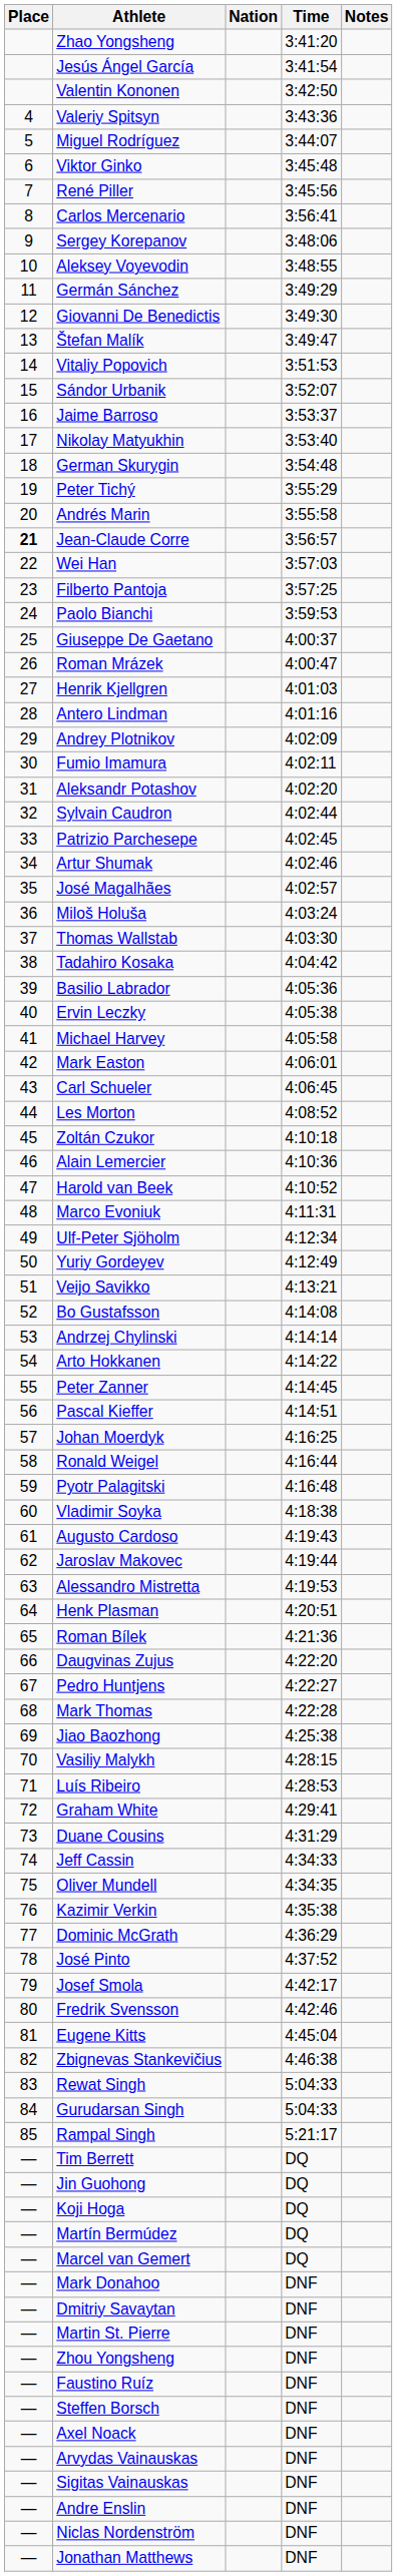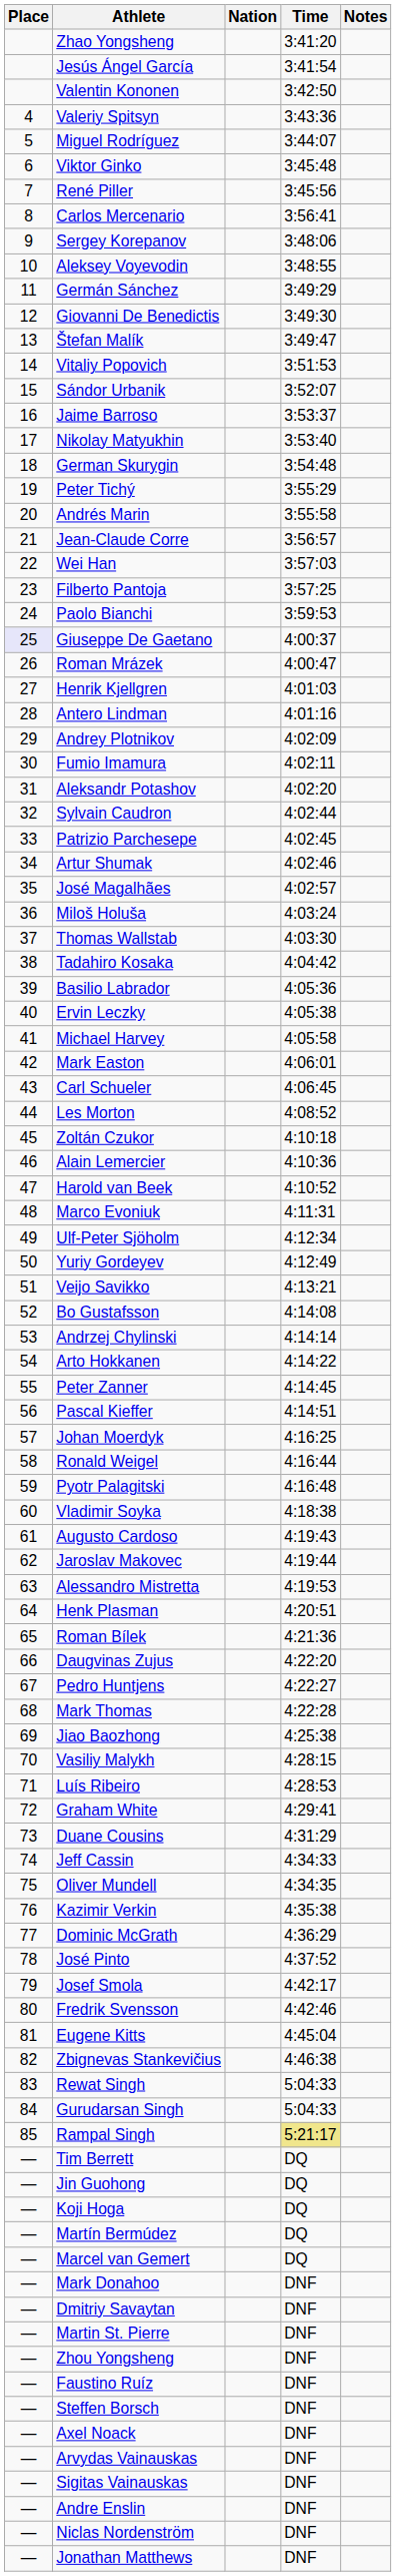 <table class=wikitable>
 <tr>
 <th>Place</th>
 <th>Athlete</th>
 <th>Nation</th>
 <th>Time</th>
 <th>Notes</th>
 </tr>
 <tr>
 <td align=center></td>
 <td><a href='#'>Zhao Yongsheng</a></td>
 <td></td>
 <td>3:41:20</td>
 <td> </td>
 </tr>
 <tr>
 <td align=center></td>
 <td><a href='#'>Jesús Ángel García</a></td>
 <td></td>
 <td>3:41:54</td>
 <td> </td>
 </tr>
 <tr>
 <td align=center></td>
 <td><a href='#'>Valentin Kononen</a></td>
 <td></td>
 <td>3:42:50</td>
 <td> </td>
 </tr>
 <tr>
 <td align=center>4</td>
 <td><a href='#'>Valeriy Spitsyn</a></td>
 <td></td>
 <td>3:43:36</td>
 <td> </td>
 </tr>
 <tr>
 <td align=center>5</td>
 <td><a href='#'>Miguel Rodríguez</a></td>
 <td></td>
 <td>3:44:07</td>
 <td> </td>
 </tr>
 <tr>
 <td align=center>6</td>
 <td><a href='#'>Viktor Ginko</a></td>
 <td></td>
 <td>3:45:48</td>
 <td> </td>
 </tr>
 <tr>
 <td align=center>7</td>
 <td><a href='#'>René Piller</a></td>
 <td></td>
 <td>3:45:56</td>
 <td> </td>
 </tr>
 <tr>
 <td align=center>8</td>
 <td><a href='#'>Carlos Mercenario</a></td>
 <td></td>
 <td>3:56:41</td>
 <td> </td>
 </tr>
 <tr>
 <td align=center>9</td>
 <td><a href='#'>Sergey Korepanov</a></td>
 <td></td>
 <td>3:48:06</td>
 <td> </td>
 </tr>
 <tr>
 <td align=center>10</td>
 <td><a href='#'>Aleksey Voyevodin</a></td>
 <td></td>
 <td>3:48:55</td>
 <td> </td>
 </tr>
 <tr>
 <td align=center>11</td>
 <td><a href='#'>Germán Sánchez</a></td>
 <td></td>
 <td>3:49:29</td>
 <td> </td>
 </tr>
 <tr>
 <td align=center>12</td>
 <td><a href='#'>Giovanni De Benedictis</a></td>
 <td></td>
 <td>3:49:30</td>
 <td> </td>
 </tr>
 <tr>
 <td align=center>13</td>
 <td><a href='#'>Štefan Malík</a></td>
 <td></td>
 <td>3:49:47</td>
 <td> </td>
 </tr>
 <tr>
 <td align=center>14</td>
 <td><a href='#'>Vitaliy Popovich</a></td>
 <td></td>
 <td>3:51:53</td>
 <td> </td>
 </tr>
 <tr>
 <td align=center>15</td>
 <td><a href='#'>Sándor Urbanik</a></td>
 <td></td>
 <td>3:52:07</td>
 <td> </td>
 </tr>
 <tr>
 <td align=center>16</td>
 <td><a href='#'>Jaime Barroso</a></td>
 <td></td>
 <td>3:53:37</td>
 <td> </td>
 </tr>
 <tr>
 <td align=center>17</td>
 <td><a href='#'>Nikolay Matyukhin</a></td>
 <td></td>
 <td>3:53:40</td>
 <td> </td>
 </tr>
 <tr>
 <td align=center>18</td>
 <td><a href='#'>German Skurygin</a></td>
 <td></td>
 <td>3:54:48</td>
 <td> </td>
 </tr>
 <tr>
 <td align=center>19</td>
 <td><a href='#'>Peter Tichý</a></td>
 <td></td>
 <td>3:55:29</td>
 <td> </td>
 </tr>
 <tr>
 <td align=center>20</td>
 <td><a href='#'>Andrés Marin</a></td>
 <td></td>
 <td>3:55:58</td>
 <td> </td>
 </tr>
 <tr>
-<td align=center><strong>21</strong></td>
+<td align=center>21</td>
 <td><a href='#'>Jean-Claude Corre</a></td>
 <td></td>
 <td>3:56:57</td>
 <td></td>
 </tr>
 <tr>
 <td align=center>22</td>
 <td><a href='#'>Wei Han</a></td>
 <td></td>
 <td>3:57:03</td>
 <td></td>
 </tr>
 <tr>
 <td align=center>23</td>
 <td><a href='#'>Filberto Pantoja</a></td>
 <td></td>
 <td>3:57:25</td>
 <td></td>
 </tr>
 <tr>
 <td align=center>24</td>
 <td><a href='#'>Paolo Bianchi</a></td>
 <td></td>
 <td>3:59:53</td>
 <td></td>
 </tr>
 <tr>
-<td align=center>25</td>
+<td align=center style="background: lavender;">25</td>
 <td><a href='#'>Giuseppe De Gaetano</a></td>
 <td></td>
 <td>4:00:37</td>
 <td></td>
 </tr>
 <tr>
 <td align=center>26</td>
 <td><a href='#'>Roman Mrázek</a></td>
 <td></td>
 <td>4:00:47</td>
 <td></td>
 </tr>
 <tr>
 <td align=center>27</td>
 <td><a href='#'>Henrik Kjellgren</a></td>
 <td></td>
 <td>4:01:03</td>
 <td></td>
 </tr>
 <tr>
 <td align=center>28</td>
 <td><a href='#'>Antero Lindman</a></td>
 <td></td>
 <td>4:01:16</td>
 <td></td>
 </tr>
 <tr>
 <td align=center>29</td>
 <td><a href='#'>Andrey Plotnikov</a></td>
 <td></td>
 <td>4:02:09</td>
 <td></td>
 </tr>
 <tr>
 <td align=center>30</td>
 <td><a href='#'>Fumio Imamura</a></td>
 <td></td>
 <td>4:02:11</td>
 <td></td>
 </tr>
 <tr>
 <td align=center>31</td>
 <td><a href='#'>Aleksandr Potashov</a></td>
 <td></td>
 <td>4:02:20</td>
 <td></td>
 </tr>
 <tr>
 <td align=center>32</td>
 <td><a href='#'>Sylvain Caudron</a></td>
 <td></td>
 <td>4:02:44</td>
 <td></td>
 </tr>
 <tr>
 <td align=center>33</td>
 <td><a href='#'>Patrizio Parchesepe</a></td>
 <td></td>
 <td>4:02:45</td>
 <td></td>
 </tr>
 <tr>
 <td align=center>34</td>
 <td><a href='#'>Artur Shumak</a></td>
 <td></td>
 <td>4:02:46</td>
 <td></td>
 </tr>
 <tr>
 <td align=center>35</td>
 <td><a href='#'>José Magalhães</a></td>
 <td></td>
 <td>4:02:57</td>
 <td></td>
 </tr>
 <tr>
 <td align=center>36</td>
 <td><a href='#'>Miloš Holuša</a></td>
 <td></td>
 <td>4:03:24</td>
 <td></td>
 </tr>
 <tr>
 <td align=center>37</td>
 <td><a href='#'>Thomas Wallstab</a></td>
 <td></td>
 <td>4:03:30</td>
 <td></td>
 </tr>
 <tr>
 <td align=center>38</td>
 <td><a href='#'>Tadahiro Kosaka</a></td>
 <td></td>
 <td>4:04:42</td>
 <td></td>
 </tr>
 <tr>
 <td align=center>39</td>
 <td><a href='#'>Basilio Labrador</a></td>
 <td></td>
 <td>4:05:36</td>
 <td></td>
 </tr>
 <tr>
 <td align=center>40</td>
 <td><a href='#'>Ervin Leczky</a></td>
 <td></td>
 <td>4:05:38</td>
 <td></td>
 </tr>
 <tr>
 <td align=center>41</td>
 <td><a href='#'>Michael Harvey</a></td>
 <td></td>
 <td>4:05:58</td>
 <td></td>
 </tr>
 <tr>
 <td align=center>42</td>
 <td><a href='#'>Mark Easton</a></td>
 <td></td>
 <td>4:06:01</td>
 <td></td>
 </tr>
 <tr>
 <td align=center>43</td>
 <td><a href='#'>Carl Schueler</a></td>
 <td></td>
 <td>4:06:45</td>
 <td></td>
 </tr>
 <tr>
 <td align=center>44</td>
 <td><a href='#'>Les Morton</a></td>
 <td></td>
 <td>4:08:52</td>
 <td></td>
 </tr>
 <tr>
 <td align=center>45</td>
 <td><a href='#'>Zoltán Czukor</a></td>
 <td></td>
 <td>4:10:18</td>
 <td></td>
 </tr>
 <tr>
 <td align=center>46</td>
 <td><a href='#'>Alain Lemercier</a></td>
 <td></td>
 <td>4:10:36</td>
 <td></td>
 </tr>
 <tr>
 <td align=center>47</td>
 <td><a href='#'>Harold van Beek</a></td>
 <td></td>
 <td>4:10:52</td>
 <td></td>
 </tr>
 <tr>
 <td align=center>48</td>
 <td><a href='#'>Marco Evoniuk</a></td>
 <td></td>
 <td>4:11:31</td>
 <td></td>
 </tr>
 <tr>
 <td align=center>49</td>
 <td><a href='#'>Ulf-Peter Sjöholm</a></td>
 <td></td>
 <td>4:12:34</td>
 <td></td>
 </tr>
 <tr>
 <td align=center>50</td>
 <td><a href='#'>Yuriy Gordeyev</a></td>
 <td></td>
 <td>4:12:49</td>
 <td></td>
 </tr>
 <tr>
 <td align=center>51</td>
 <td><a href='#'>Veijo Savikko</a></td>
 <td></td>
 <td>4:13:21</td>
 <td></td>
 </tr>
 <tr>
 <td align=center>52</td>
 <td><a href='#'>Bo Gustafsson</a></td>
 <td></td>
 <td>4:14:08</td>
 <td></td>
 </tr>
 <tr>
 <td align=center>53</td>
 <td><a href='#'>Andrzej Chylinski</a></td>
 <td></td>
 <td>4:14:14</td>
 <td></td>
 </tr>
 <tr>
 <td align=center>54</td>
 <td><a href='#'>Arto Hokkanen</a></td>
 <td></td>
 <td>4:14:22</td>
 <td></td>
 </tr>
 <tr>
 <td align=center>55</td>
 <td><a href='#'>Peter Zanner</a></td>
 <td></td>
 <td>4:14:45</td>
 <td></td>
 </tr>
 <tr>
 <td align=center>56</td>
 <td><a href='#'>Pascal Kieffer</a></td>
 <td></td>
 <td>4:14:51</td>
 <td></td>
 </tr>
 <tr>
 <td align=center>57</td>
 <td><a href='#'>Johan Moerdyk</a></td>
 <td></td>
 <td>4:16:25</td>
 <td></td>
 </tr>
 <tr>
 <td align=center>58</td>
 <td><a href='#'>Ronald Weigel</a></td>
 <td></td>
 <td>4:16:44</td>
 <td></td>
 </tr>
 <tr>
 <td align=center>59</td>
 <td><a href='#'>Pyotr Palagitski</a></td>
 <td></td>
 <td>4:16:48</td>
 <td></td>
 </tr>
 <tr>
 <td align=center>60</td>
 <td><a href='#'>Vladimir Soyka</a></td>
 <td></td>
 <td>4:18:38</td>
 <td></td>
 </tr>
 <tr>
 <td align=center>61</td>
 <td><a href='#'>Augusto Cardoso</a></td>
 <td></td>
 <td>4:19:43</td>
 <td></td>
 </tr>
 <tr>
 <td align=center>62</td>
 <td><a href='#'>Jaroslav Makovec</a></td>
 <td></td>
 <td>4:19:44</td>
 <td></td>
 </tr>
 <tr>
 <td align=center>63</td>
 <td><a href='#'>Alessandro Mistretta</a></td>
 <td></td>
 <td>4:19:53</td>
 <td></td>
 </tr>
 <tr>
 <td align=center>64</td>
 <td><a href='#'>Henk Plasman</a></td>
 <td></td>
 <td>4:20:51</td>
 <td></td>
 </tr>
 <tr>
 <td align=center>65</td>
 <td><a href='#'>Roman Bílek</a></td>
 <td></td>
 <td>4:21:36</td>
 <td></td>
 </tr>
 <tr>
 <td align=center>66</td>
 <td><a href='#'>Daugvinas Zujus</a></td>
 <td></td>
 <td>4:22:20</td>
 <td></td>
 </tr>
 <tr>
 <td align=center>67</td>
 <td><a href='#'>Pedro Huntjens</a></td>
 <td></td>
 <td>4:22:27</td>
 <td></td>
 </tr>
 <tr>
 <td align=center>68</td>
 <td><a href='#'>Mark Thomas</a></td>
 <td></td>
 <td>4:22:28</td>
 <td></td>
 </tr>
 <tr>
 <td align=center>69</td>
 <td><a href='#'>Jiao Baozhong</a></td>
 <td></td>
 <td>4:25:38</td>
 <td></td>
 </tr>
 <tr>
 <td align=center>70</td>
 <td><a href='#'>Vasiliy Malykh</a></td>
 <td></td>
 <td>4:28:15</td>
 <td></td>
 </tr>
 <tr>
 <td align=center>71</td>
 <td><a href='#'>Luís Ribeiro</a></td>
 <td></td>
 <td>4:28:53</td>
 <td></td>
 </tr>
 <tr>
 <td align=center>72</td>
 <td><a href='#'>Graham White</a></td>
 <td></td>
 <td>4:29:41</td>
 <td></td>
 </tr>
 <tr>
 <td align=center>73</td>
 <td><a href='#'>Duane Cousins</a></td>
 <td></td>
 <td>4:31:29</td>
 <td></td>
 </tr>
 <tr>
 <td align=center>74</td>
 <td><a href='#'>Jeff Cassin</a></td>
 <td></td>
 <td>4:34:33</td>
 <td></td>
 </tr>
 <tr>
 <td align=center>75</td>
 <td><a href='#'>Oliver Mundell</a></td>
 <td></td>
 <td>4:34:35</td>
 <td></td>
 </tr>
 <tr>
 <td align=center>76</td>
 <td><a href='#'>Kazimir Verkin</a></td>
 <td></td>
 <td>4:35:38</td>
 <td></td>
 </tr>
 <tr>
 <td align=center>77</td>
 <td><a href='#'>Dominic McGrath</a></td>
 <td></td>
 <td>4:36:29</td>
 <td></td>
 </tr>
 <tr>
 <td align=center>78</td>
 <td><a href='#'>José Pinto</a></td>
 <td></td>
 <td>4:37:52</td>
 <td></td>
 </tr>
 <tr>
 <td align=center>79</td>
 <td><a href='#'>Josef Smola</a></td>
 <td></td>
 <td>4:42:17</td>
 <td></td>
 </tr>
 <tr>
 <td align=center>80</td>
 <td><a href='#'>Fredrik Svensson</a></td>
 <td></td>
 <td>4:42:46</td>
 <td></td>
 </tr>
 <tr>
 <td align=center>81</td>
 <td><a href='#'>Eugene Kitts</a></td>
 <td></td>
 <td>4:45:04</td>
 <td></td>
 </tr>
 <tr>
 <td align=center>82</td>
 <td><a href='#'>Zbignevas Stankevičius</a></td>
 <td></td>
 <td>4:46:38</td>
 <td></td>
 </tr>
 <tr>
 <td align=center>83</td>
 <td><a href='#'>Rewat Singh</a></td>
 <td></td>
 <td>5:04:33</td>
 <td></td>
 </tr>
 <tr>
 <td align=center>84</td>
 <td><a href='#'>Gurudarsan Singh</a></td>
 <td></td>
 <td>5:04:33</td>
 <td></td>
 </tr>
 <tr>
 <td align=center>85</td>
 <td><a href='#'>Rampal Singh</a></td>
 <td></td>
-<td>5:21:17</td>
+<td style="background: khaki;">5:21:17</td>
 <td></td>
 </tr>
 <tr>
 <td align=center>—</td>
 <td><a href='#'>Tim Berrett</a></td>
 <td></td>
 <td>DQ</td>
 <td></td>
 </tr>
 <tr>
 <td align=center>—</td>
 <td><a href='#'>Jin Guohong</a></td>
 <td></td>
 <td>DQ</td>
 <td></td>
 </tr>
 <tr>
 <td align=center>—</td>
 <td><a href='#'>Koji Hoga</a></td>
 <td></td>
 <td>DQ</td>
 <td></td>
 </tr>
 <tr>
 <td align=center>—</td>
 <td><a href='#'>Martín Bermúdez</a></td>
 <td></td>
 <td>DQ</td>
 <td></td>
 </tr>
 <tr>
 <td align=center>—</td>
 <td><a href='#'>Marcel van Gemert</a></td>
 <td></td>
 <td>DQ</td>
 <td></td>
 </tr>
 <tr>
 <td align=center>—</td>
 <td><a href='#'>Mark Donahoo</a></td>
 <td></td>
 <td>DNF</td>
 <td></td>
 </tr>
 <tr>
 <td align=center>—</td>
 <td><a href='#'>Dmitriy Savaytan</a></td>
 <td></td>
 <td>DNF</td>
 <td></td>
 </tr>
 <tr>
 <td align=center>—</td>
 <td><a href='#'>Martin St. Pierre</a></td>
 <td></td>
 <td>DNF</td>
 <td></td>
 </tr>
 <tr>
 <td align=center>—</td>
 <td><a href='#'>Zhou Yongsheng</a></td>
 <td></td>
 <td>DNF</td>
 <td></td>
 </tr>
 <tr>
 <td align=center>—</td>
 <td><a href='#'>Faustino Ruíz</a></td>
 <td></td>
 <td>DNF</td>
 <td></td>
 </tr>
 <tr>
 <td align=center>—</td>
 <td><a href='#'>Steffen Borsch</a></td>
 <td></td>
 <td>DNF</td>
 <td></td>
 </tr>
 <tr>
 <td align=center>—</td>
 <td><a href='#'>Axel Noack</a></td>
 <td></td>
 <td>DNF</td>
 <td></td>
 </tr>
 <tr>
 <td align=center>—</td>
 <td><a href='#'>Arvydas Vainauskas</a></td>
 <td></td>
 <td>DNF</td>
 <td></td>
 </tr>
 <tr>
 <td align=center>—</td>
 <td><a href='#'>Sigitas Vainauskas</a></td>
 <td></td>
 <td>DNF</td>
 <td></td>
 </tr>
 <tr>
 <td align=center>—</td>
 <td><a href='#'>Andre Enslin</a></td>
 <td></td>
 <td>DNF</td>
 <td></td>
 </tr>
 <tr>
 <td align=center>—</td>
 <td><a href='#'>Niclas Nordenström</a></td>
 <td></td>
 <td>DNF</td>
 <td></td>
 </tr>
 <tr>
 <td align=center>—</td>
 <td><a href='#'>Jonathan Matthews</a></td>
 <td></td>
 <td>DNF</td>
 <td></td>
 </tr>
 </table>
